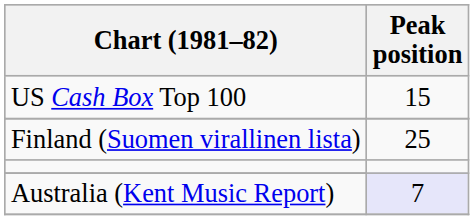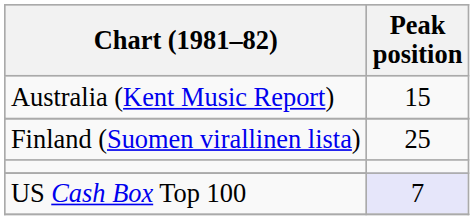 <table class="wikitable sortable">
 <tr>
 <th>Chart (1981–82)</th>
 <th>Peak<br>position</th>
 </tr>
 <tr>
-<td>US <em><a href='#'>Cash Box</a></em> Top 100</td>
+<td>Australia (<a href='#'>Kent Music Report</a>)</td>
 <td style="text-align:center;">15</td>
 </tr>
 <tr>
 </tr>
 <tr>
 </tr>
 <tr>
 </tr>
 <tr>
 <td>Finland (<a href='#'>Suomen virallinen lista</a>)</td>
 <td style="text-align:center;">25</td>
 </tr>
 <tr>
 <td></td>
 </tr>
 <tr>
 </tr>
 <tr>
 </tr>
 <tr>
 </tr>
 <tr>
 </tr>
 <tr>
 </tr>
 <tr>
 </tr>
 <tr>
 </tr>
 <tr>
 </tr>
 <tr>
-<td>Australia (<a href='#'>Kent Music Report</a>)</td>
+<td>US <em><a href='#'>Cash Box</a></em> Top 100</td>
 <td style="background: lavender; text-align:center;">7</td>
 </tr>
 <tr>
 </tr>
 </table>
